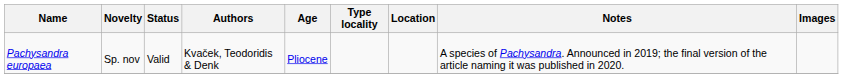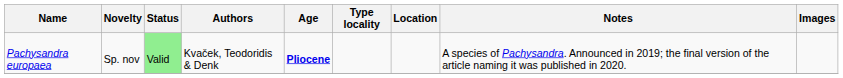 <table class="wikitable sortable" align="center" width="100%">
 <tr>
 <th>Name</th>
 <th>Novelty</th>
 <th>Status</th>
 <th>Authors</th>
 <th>Age</th>
 <th>Type locality</th>
 <th>Location</th>
 <th>Notes</th>
 <th>Images</th>
 </tr>
 <tr>
 <td><br><em><a href='#'>Pachysandra europaea</a></em></td>
 <td><br>Sp. nov</td>
-<td><br>Valid</td>
+<td style="background: lightgreen;"><br>Valid</td>
 <td><br>Kvaček, Teodoridis & Denk</td>
-<td><br><a href='#'>Pliocene</a></td>
+<td><strong><br><a href='#'>Pliocene</a></strong></td>
 <td></td>
 <td><br></td>
 <td><br>A species of <em><a href='#'>Pachysandra</a></em>. Announced in 2019; the final version of the article naming it was published in 2020.</td>
 <td></td>
 </tr>
 <tr>
 </tr>
 </table>
